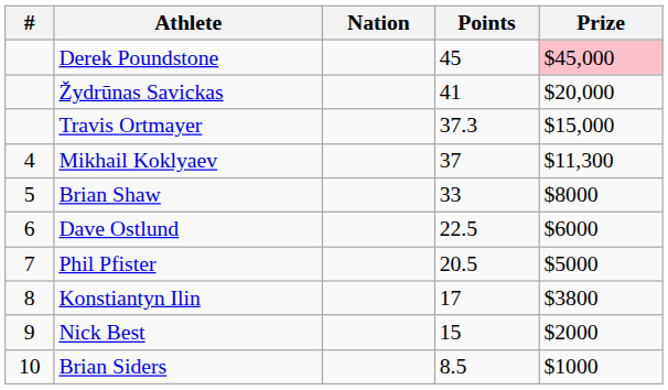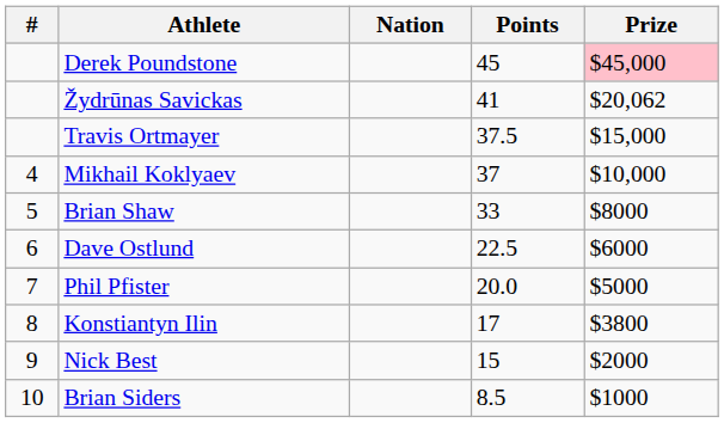 <table class="wikitable" style="display: inline-table;width: 55%;">
 <tr>
 <th scope="col">#</th>
 <th scope="col">Athlete</th>
 <th scope="col">Nation</th>
 <th scope="col">Points</th>
 <th scope="col">Prize</th>
 </tr>
 <tr>
 <td align="center"></td>
 <td><a href='#'>Derek Poundstone</a></td>
 <td></td>
 <td>45</td>
 <td style="background: pink;">$45,000</td>
 </tr>
 <tr>
 <td align="center"></td>
 <td><a href='#'>Žydrūnas Savickas</a></td>
 <td></td>
 <td>41</td>
-<td>$20,000</td>
+<td>$20,062</td>
 </tr>
 <tr>
 <td align="center"></td>
 <td><a href='#'>Travis Ortmayer</a></td>
 <td></td>
-<td>37.3</td>
+<td>37.5</td>
 <td>$15,000</td>
 </tr>
 <tr>
 <td align="center">4</td>
 <td><a href='#'>Mikhail Koklyaev</a></td>
 <td></td>
 <td>37</td>
-<td>$11,300</td>
+<td>$10,000</td>
 </tr>
 <tr>
 <td align="center">5</td>
 <td><a href='#'>Brian Shaw</a></td>
 <td></td>
 <td>33</td>
 <td>$8000</td>
 </tr>
 <tr>
 <td align="center">6</td>
 <td><a href='#'>Dave Ostlund</a></td>
 <td></td>
 <td>22.5</td>
 <td>$6000</td>
 </tr>
 <tr>
 <td align="center">7</td>
 <td><a href='#'>Phil Pfister</a></td>
 <td></td>
-<td>20.5</td>
+<td>20.0</td>
 <td>$5000</td>
 </tr>
 <tr>
 <td align="center">8</td>
 <td><a href='#'>Konstiantyn Ilin</a></td>
 <td></td>
 <td>17</td>
 <td>$3800</td>
 </tr>
 <tr>
 <td align="center">9</td>
 <td><a href='#'>Nick Best</a></td>
 <td></td>
 <td>15</td>
 <td>$2000</td>
 </tr>
 <tr>
 <td align="center">10</td>
 <td><a href='#'>Brian Siders</a></td>
 <td></td>
 <td>8.5</td>
 <td>$1000</td>
 </tr>
 </table>
